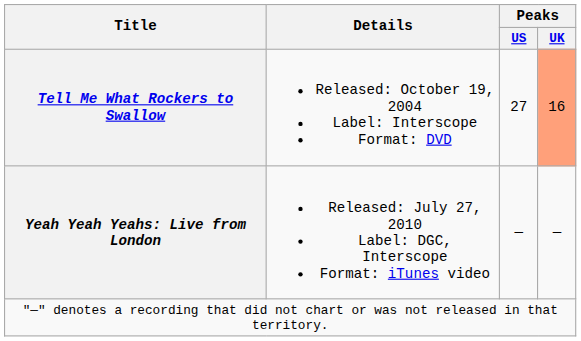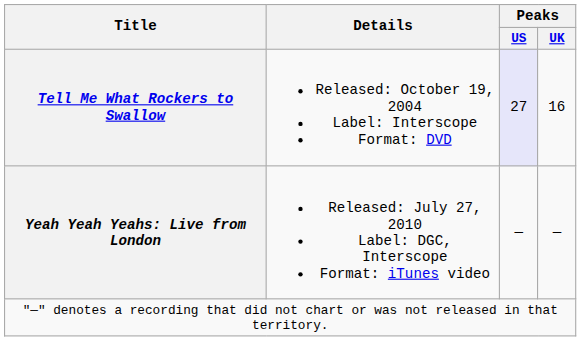 <table class="wikitable plainrowheaders" style="text-align:center;">
 <tr>
 <th scope="col" rowspan="2" style="width:18em;">Title</th>
 <th scope="col" rowspan="2" style="width:16em;">Details</th>
 <th scope="col" colspan="2">Peaks</th>
 </tr>
 <tr>
 <th scope="col" style="width:2.5em;font-size:90%;"><a href='#'>US</a><br></th>
 <th scope="col" style="width:2.5em;font-size:90%;"><a href='#'>UK</a><br></th>
 </tr>
 <tr>
 <th scope="row"><em><a href='#'>Tell Me What Rockers to Swallow</a></em></th>
 <td><br><ul><li>Released: October 19, 2004</li><li>Label: Interscope</li><li>Format: <a href='#'>DVD</a></li></ul></td>
-<td>27</td>
-<td style="background: lightsalmon;">16</td>
+<td style="background: lavender;">27</td>
+<td>16</td>
 </tr>
 <tr>
 <th scope="row"><em>Yeah Yeah Yeahs: Live from London</em></th>
 <td><br><ul><li>Released: July 27, 2010</li><li>Label: DGC, Interscope</li><li>Format: <a href='#'>iTunes</a> video</li></ul></td>
 <td>—</td>
 <td>—</td>
 </tr>
 <tr>
 <td colspan="5" style="font-size:90%">"—" denotes a recording that did not chart or was not released in that territory.</td>
 </tr>
 </table>
